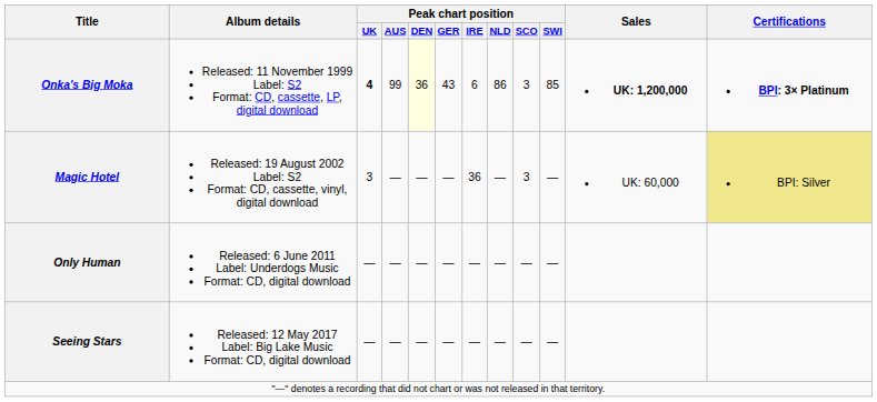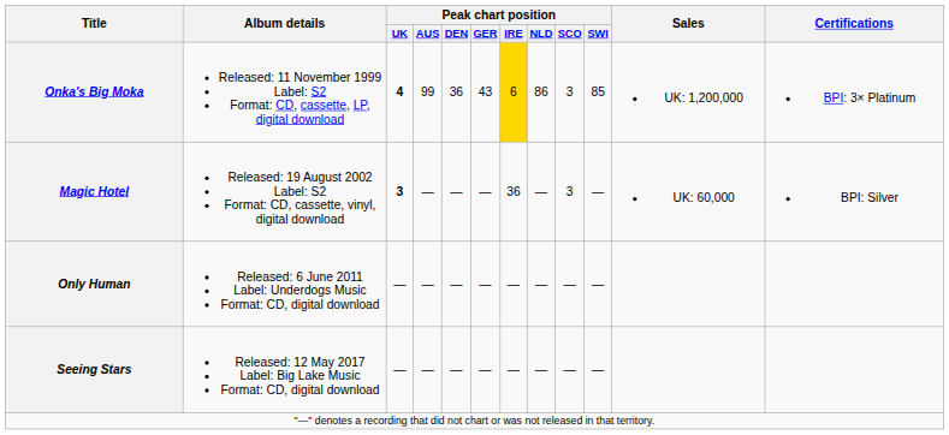 <table class="wikitable plainrowheaders" style="text-align:center;">
 <tr>
 <th scope="col" rowspan="2" style="width:14em;">Title</th>
 <th scope="col" rowspan="2" style="width:16em;">Album details</th>
 <th scope="col" colspan="8">Peak chart position</th>
 <th scope="col" rowspan="2" style="width:12em;">Sales</th>
 <th scope="col" rowspan="2" style="width:14em;"><a href='#'>Certifications</a></th>
 </tr>
 <tr>
 <th scope="col" style="width:2em;font-size:90%;"><a href='#'>UK</a><br></th>
 <th scope="col" style="width:2em;font-size:90%;"><a href='#'>AUS</a><br></th>
 <th scope="col" style="width:2em;font-size:90%;"><a href='#'>DEN</a><br></th>
 <th scope="col" style="width:2em;font-size:90%;"><a href='#'>GER</a><br></th>
 <th scope="col" style="width:2em;font-size:90%;"><a href='#'>IRE</a><br></th>
 <th scope="col" style="width:2em;font-size:90%;"><a href='#'>NLD</a><br></th>
 <th scope="col" style="width:2em;font-size:90%;"><a href='#'>SCO</a><br></th>
 <th scope="col" style="width:2em;font-size:90%;"><a href='#'>SWI</a><br></th>
 </tr>
 <tr>
 <th scope="row"><em><a href='#'>Onka's Big Moka</a></em></th>
 <td><br><ul><li>Released: 11 November 1999</li><li>Label: <a href='#'>S2</a></li><li>Format: <a href='#'>CD</a>, <a href='#'>cassette</a>, <a href='#'>LP</a>, <a href='#'>digital download</a></li></ul></td>
 <td><strong>4</strong></td>
 <td>99</td>
-<td style="background: lightyellow;">36</td>
+<td>36</td>
 <td>43</td>
-<td>6</td>
+<td style="background: gold;">6</td>
 <td>86</td>
 <td>3</td>
 <td>85</td>
-<td><strong><br><ul><li>UK: 1,200,000</li></ul></strong></td>
-<td><strong><br><ul><li><a href='#'>BPI</a>: 3× Platinum</li></ul></strong></td>
+<td><br><ul><li>UK: 1,200,000</li></ul></td>
+<td><br><ul><li><a href='#'>BPI</a>: 3× Platinum</li></ul></td>
 </tr>
 <tr>
 <th scope="row"><em><a href='#'>Magic Hotel</a></em></th>
 <td><br><ul><li>Released: 19 August 2002</li><li>Label: S2</li><li>Format: CD, cassette, vinyl, digital download</li></ul></td>
-<td>3</td>
+<td><strong>3</strong></td>
 <td>—</td>
 <td>—</td>
 <td>—</td>
 <td>36</td>
 <td>—</td>
 <td>3</td>
 <td>—</td>
 <td><br><ul><li>UK: 60,000</li></ul></td>
-<td style="background: khaki;"><br><ul><li>BPI: Silver</li></ul></td>
+<td><br><ul><li>BPI: Silver</li></ul></td>
 </tr>
 <tr>
 <th scope="row"><em>Only Human</em></th>
 <td><br><ul><li>Released: 6 June 2011</li><li>Label: Underdogs Music</li><li>Format: CD, digital download</li></ul></td>
 <td>—</td>
 <td>—</td>
 <td>—</td>
 <td>—</td>
 <td>—</td>
 <td>—</td>
 <td>—</td>
 <td>—</td>
 <td></td>
 <td></td>
 </tr>
 <tr>
 <th scope="row"><em>Seeing Stars</em></th>
 <td><br><ul><li>Released: 12 May 2017</li><li>Label: Big Lake Music</li><li>Format: CD, digital download</li></ul></td>
 <td>—</td>
 <td>—</td>
 <td>—</td>
 <td>—</td>
 <td>—</td>
 <td>—</td>
 <td>—</td>
 <td>—</td>
 <td></td>
 <td></td>
 </tr>
 <tr>
 <td colspan="16" style="font-size:85%">"—" denotes a recording that did not chart or was not released in that territory.</td>
 </tr>
 </table>
